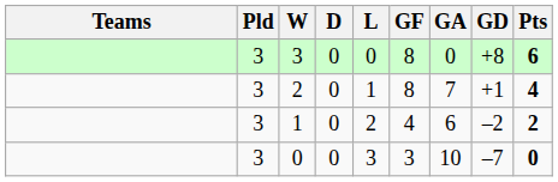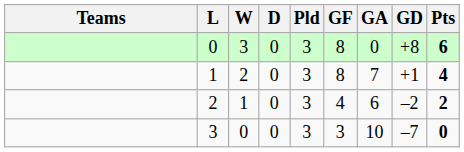 <table class="wikitable" style="text-align: center;">
 <tr>
 <th width=165>Teams</th>
-<th width=20>Pld</th>
+<th width=20>L</th>
 <th width=20>W</th>
 <th width=20>D</th>
-<th width=20>L</th>
+<th width=20>Pld</th>
 <th width=20>GF</th>
 <th width=20>GA</th>
 <th width=20>GD</th>
 <th width=20>Pts</th>
 </tr>
 <tr align=center style="background:#ccffcc;">
 <td style="text-align:left;"></td>
-<td>3</td>
+<td>0</td>
 <td>3</td>
 <td>0</td>
-<td>0</td>
+<td>3</td>
 <td>8</td>
 <td>0</td>
 <td>+8</td>
 <td><strong>6</strong></td>
 </tr>
 <tr align=center>
 <td style="text-align:left;"></td>
-<td>3</td>
+<td>1</td>
 <td>2</td>
 <td>0</td>
-<td>1</td>
+<td>3</td>
 <td>8</td>
 <td>7</td>
 <td>+1</td>
 <td><strong>4</strong></td>
 </tr>
 <tr align=center>
 <td style="text-align:left;"></td>
-<td>3</td>
+<td>2</td>
 <td>1</td>
 <td>0</td>
-<td>2</td>
+<td>3</td>
 <td>4</td>
 <td>6</td>
 <td>–2</td>
 <td><strong>2</strong></td>
 </tr>
 <tr align=center>
 <td style="text-align:left;"></td>
 <td>3</td>
 <td>0</td>
 <td>0</td>
 <td>3</td>
 <td>3</td>
 <td>10</td>
 <td>–7</td>
 <td><strong>0</strong></td>
 </tr>
 </table>
